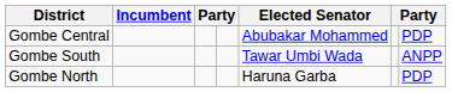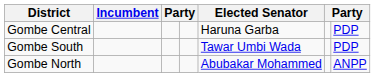 <table class="sortable wikitable" style="font-size:95%;line-height:14px;">
 <tr>
 <th class="unsortable">District</th>
 <th class="unsortable"><a href='#'>Incumbent</a></th>
 <th colspan="2">Party</th>
 <th class="unsortable">Elected Senator</th>
 <th colspan="2">Party</th>
 </tr>
 <tr>
 <td>Gombe Central</td>
 <td></td>
 <td></td>
 <td></td>
-<td><a href='#'>Abubakar Mohammed</a></td>
+<td>Haruna Garba</td>
 <td style="background:"></td>
 <td><a href='#'>PDP</a></td>
 </tr>
 <tr>
 <td>Gombe South</td>
 <td></td>
 <td></td>
 <td></td>
 <td><a href='#'>Tawar Umbi Wada</a></td>
 <td style="background:"></td>
-<td><a href='#'>ANPP</a></td>
+<td><a href='#'>PDP</a></td>
 </tr>
 <tr>
 <td>Gombe North</td>
 <td></td>
 <td></td>
 <td></td>
-<td>Haruna Garba</td>
+<td><a href='#'>Abubakar Mohammed</a></td>
 <td style="background:"></td>
-<td><a href='#'>PDP</a></td>
+<td><a href='#'>ANPP</a></td>
 </tr>
 </table>
